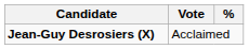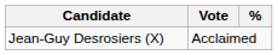 <table class="wikitable">
 <tr>
 <th bgcolor="#DDDDFF" width="200px">Candidate</th>
 <th bgcolor="#DDDDFF" width="50px">Vote</th>
 <th bgcolor="#DDDDFF" width="30px">%</th>
 </tr>
 <tr>
-<td><strong>Jean-Guy Desrosiers (X)</strong></td>
+<td>Jean-Guy Desrosiers (X)</td>
 <td colspan="2">Acclaimed</td>
 </tr>
 </table>
